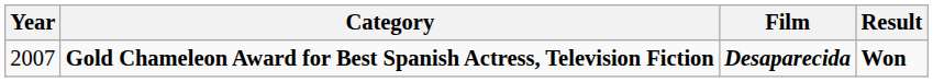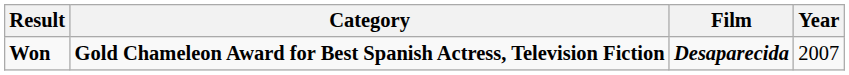 <table class="wikitable" style="margin-bottom: 10px;">
 <tr>
-<th><strong>Year</strong></th>
+<th><strong>Result</strong></th>
 <th><strong>Category</strong></th>
 <th><strong>Film</strong></th>
-<th><strong>Result</strong></th>
+<th><strong>Year</strong></th>
 </tr>
 <tr>
-<td>2007</td>
+<td><strong>Won</strong></td>
 <td><strong>Gold Chameleon Award for Best Spanish Actress, Television Fiction</strong></td>
 <td><strong><em>Desaparecida</em></strong></td>
-<td><strong>Won</strong></td>
+<td>2007</td>
 </tr>
 </table>
